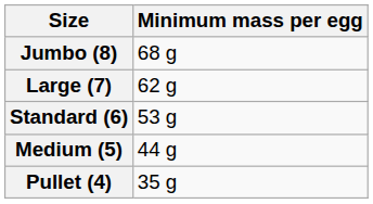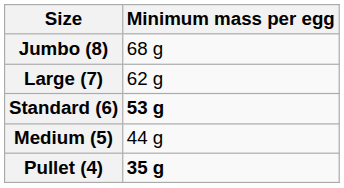 <table class="wikitable">
 <tr>
 <th>Size</th>
 <th>Minimum mass per egg</th>
 </tr>
 <tr>
 <th>Jumbo (8)</th>
 <td>68 g</td>
 </tr>
 <tr>
 <th>Large (7)</th>
 <td>62 g</td>
 </tr>
 <tr>
 <th>Standard (6)</th>
-<td>53 g</td>
+<td><strong>53 g</strong></td>
 </tr>
 <tr>
 <th>Medium (5)</th>
 <td>44 g</td>
 </tr>
 <tr>
 <th>Pullet (4)</th>
-<td>35 g</td>
+<td><strong>35 g</strong></td>
 </tr>
 </table>
